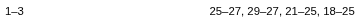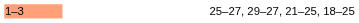 <table>
 <tr>
 <th width=200></th>
 <th width=80></th>
 <th width=200></th>
 <th width=220></th>
 </tr>
 <tr>
 <td align=right></td>
-<td>1–3</td>
+<td style="background: lightsalmon;">1–3</td>
 <td><strong></strong></td>
 <td>25–27, 29–27, 21–25, 18–25</td>
 </tr>
 </table>
